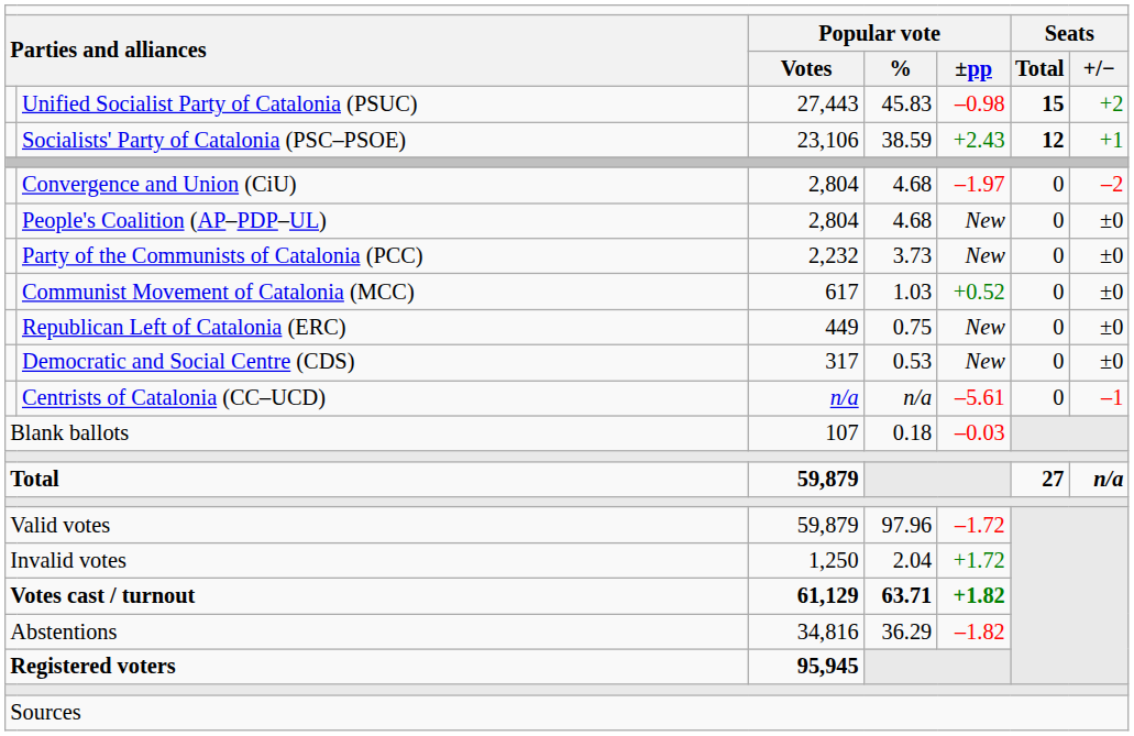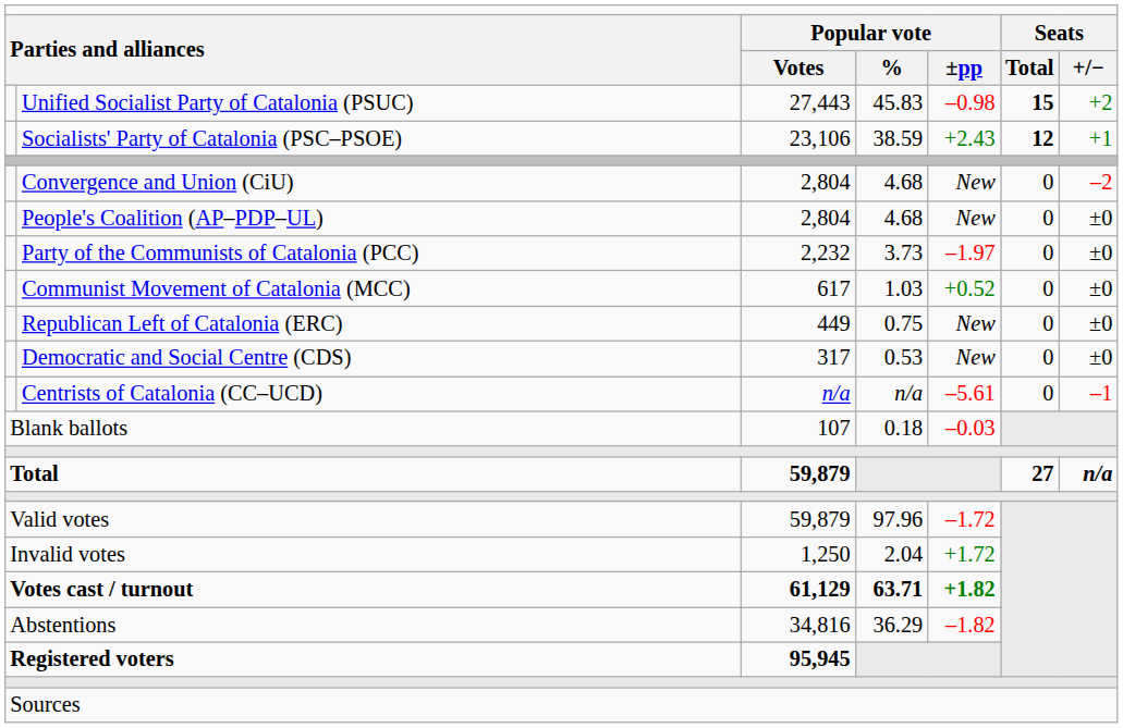 <table class="wikitable" style="text-align:right;">
 <tr>
 <td colspan="7"></td>
 </tr>
 <tr>
 <th style="text-align:left;" rowspan="2" colspan="2" width="525">Parties and alliances</th>
 <th colspan="3">Popular vote</th>
 <th colspan="2">Seats</th>
 </tr>
 <tr>
 <th width="75">Votes</th>
 <th width="45">%</th>
 <th width="45">±<a href='#'>pp</a></th>
 <th width="35">Total</th>
 <th width="35">+/−</th>
 </tr>
 <tr>
 <td width="1" style="color:inherit;background:"></td>
 <td align="left"><a href='#'>Unified Socialist Party of Catalonia</a> (PSUC)</td>
 <td>27,443</td>
 <td>45.83</td>
 <td style="color:red;">–0.98</td>
 <td><strong>15</strong></td>
 <td style="color:green;">+2</td>
 </tr>
 <tr>
 <td style="color:inherit;background:"></td>
 <td align="left"><a href='#'>Socialists' Party of Catalonia</a> (PSC–PSOE)</td>
 <td>23,106</td>
 <td>38.59</td>
 <td style="color:green;">+2.43</td>
 <td><strong>12</strong></td>
 <td style="color:green;">+1</td>
 </tr>
 <tr>
 <td colspan="7" style="color:inherit;background:#C0C0C0"></td>
 </tr>
 <tr>
 <td style="color:inherit;background:"></td>
 <td align="left"><a href='#'>Convergence and Union</a> (CiU)</td>
 <td>2,804</td>
 <td>4.68</td>
-<td style="color:red;">–1.97</td>
+<td><em>New</em></td>
 <td>0</td>
 <td style="color:red;">–2</td>
 </tr>
 <tr>
 <td style="color:inherit;background:"></td>
 <td align="left"><a href='#'>People's Coalition</a> (<a href='#'>AP</a>–<a href='#'>PDP</a>–<a href='#'>UL</a>)</td>
 <td>2,804</td>
 <td>4.68</td>
 <td><em>New</em></td>
 <td>0</td>
 <td>±0</td>
 </tr>
 <tr>
 <td style="color:inherit;background:"></td>
 <td align="left"><a href='#'>Party of the Communists of Catalonia</a> (PCC)</td>
 <td>2,232</td>
 <td>3.73</td>
-<td><em>New</em></td>
+<td style="color:red;">–1.97</td>
 <td>0</td>
 <td>±0</td>
 </tr>
 <tr>
 <td style="color:inherit;background:"></td>
 <td align="left"><a href='#'>Communist Movement of Catalonia</a> (MCC)</td>
 <td>617</td>
 <td>1.03</td>
 <td style="color:green;">+0.52</td>
 <td>0</td>
 <td>±0</td>
 </tr>
 <tr>
 <td style="color:inherit;background:"></td>
 <td align="left"><a href='#'>Republican Left of Catalonia</a> (ERC)</td>
 <td>449</td>
 <td>0.75</td>
 <td><em>New</em></td>
 <td>0</td>
 <td>±0</td>
 </tr>
 <tr>
 <td style="color:inherit;background:"></td>
 <td align="left"><a href='#'>Democratic and Social Centre</a> (CDS)</td>
 <td>317</td>
 <td>0.53</td>
 <td><em>New</em></td>
 <td>0</td>
 <td>±0</td>
 </tr>
 <tr>
 <td style="color:inherit;background:"></td>
 <td align="left"><a href='#'>Centrists of Catalonia</a> (CC–UCD)</td>
 <td><em><a href='#'>n/a</a></em></td>
 <td><em>n/a</em></td>
 <td style="color:red;">–5.61</td>
 <td>0</td>
 <td style="color:red;">–1</td>
 </tr>
 <tr>
 <td align="left" colspan="2">Blank ballots</td>
 <td>107</td>
 <td>0.18</td>
 <td style="color:red;">–0.03</td>
 <td style="color:inherit;background:#E9E9E9" colspan="2"></td>
 </tr>
 <tr>
 <td colspan="7" style="color:inherit;background:#E9E9E9"></td>
 </tr>
 <tr style="font-weight:bold;">
 <td align="left" colspan="2">Total</td>
 <td>59,879</td>
 <td bgcolor="#E9E9E9" colspan="2"></td>
 <td>27</td>
 <td><em>n/a</em></td>
 </tr>
 <tr>
 <td colspan="7" style="color:inherit;background:#E9E9E9"></td>
 </tr>
 <tr>
 <td align="left" colspan="2">Valid votes</td>
 <td>59,879</td>
 <td>97.96</td>
 <td style="color:red;">–1.72</td>
 <td bgcolor="#E9E9E9" colspan="2" rowspan="5"></td>
 </tr>
 <tr>
 <td align="left" colspan="2">Invalid votes</td>
 <td>1,250</td>
 <td>2.04</td>
 <td style="color:green;">+1.72</td>
 </tr>
 <tr style="font-weight:bold;">
 <td align="left" colspan="2">Votes cast / turnout</td>
 <td>61,129</td>
 <td>63.71</td>
 <td style="color:green;">+1.82</td>
 </tr>
 <tr>
 <td align="left" colspan="2">Abstentions</td>
 <td>34,816</td>
 <td>36.29</td>
 <td style="color:red;">–1.82</td>
 </tr>
 <tr style="font-weight:bold;">
 <td align="left" colspan="2">Registered voters</td>
 <td>95,945</td>
 <td bgcolor="#E9E9E9" colspan="2"></td>
 </tr>
 <tr>
 <td colspan="7" style="color:inherit;background:#E9E9E9"></td>
 </tr>
 <tr>
 <td align="left" colspan="7">Sources</td>
 </tr>
 </table>
